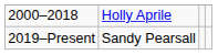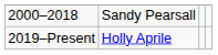 <table class="wikitable">
 <tr style="text-align:center;">
 </tr>
 <tr>
 <td>2000–2018</td>
-<td><a href='#'>Holly Aprile</a></td>
+<td>Sandy Pearsall</td>
 <td></td>
 <td></td>
 </tr>
 <tr>
 <td>2019–Present</td>
-<td>Sandy Pearsall</td>
+<td><a href='#'>Holly Aprile</a></td>
 <td></td>
 <td></td>
 </tr>
 </table>
